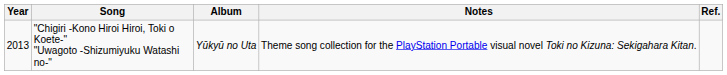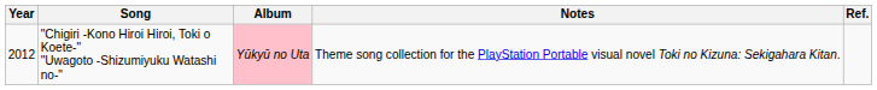 <table class="wikitable" border="1">
 <tr>
 <th rowspan="1">Year</th>
 <th rowspan="1" width="250">Song</th>
 <th rowspan="1">Album</th>
 <th rowspan="1">Notes</th>
 <th rowspan="1">Ref.</th>
 </tr>
 <tr>
-<td rowspan="1">2013</td>
+<td rowspan="1">2012</td>
 <td>"Chigiri -Kono Hiroi Hiroi, Toki o Koete-"<br>"Uwagoto -Shizumiyuku Watashi no-"</td>
-<td><em>Yūkyū no Uta</em></td>
+<td style="background: pink;"><em>Yūkyū no Uta</em></td>
 <td>Theme song collection for the <a href='#'>PlayStation Portable</a> visual novel <em>Toki no Kizuna: Sekigahara Kitan</em>.</td>
 <td></td>
 </tr>
 </table>
